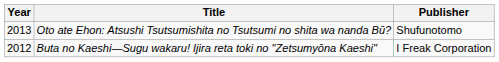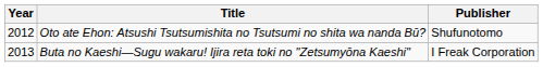 <table class="wikitable">
 <tr>
 <th>Year</th>
 <th>Title</th>
 <th>Publisher</th>
 </tr>
 <tr>
-<td>2013</td>
+<td>2012</td>
 <td><em>Oto ate Ehon: Atsushi Tsutsumishita no Tsutsumi no shita wa nanda Bū?</em></td>
 <td>Shufunotomo</td>
 </tr>
 <tr>
-<td>2012</td>
+<td>2013</td>
 <td><em>Buta no Kaeshi―Sugu wakaru! Ijira reta toki no "Zetsumyōna Kaeshi"</em></td>
 <td>I Freak Corporation</td>
 </tr>
 </table>
